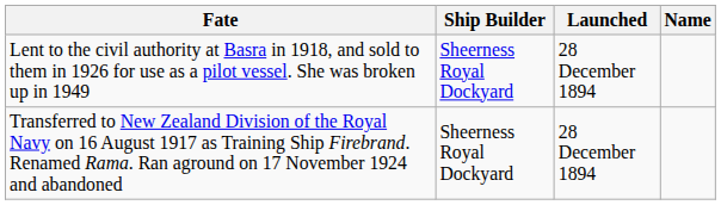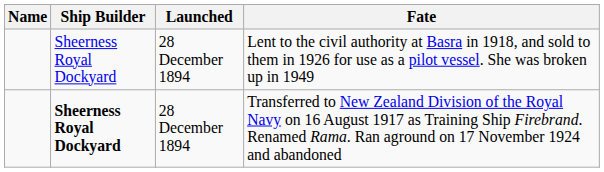 <table class="wikitable" style="text-align:left">
 <tr>
-<th>Fate</th>
+<th>Name</th>
 <th>Ship Builder</th>
 <th>Launched</th>
-<th>Name</th>
+<th>Fate</th>
 </tr>
 <tr>
-<td>Lent to the civil authority at <a href='#'>Basra</a> in 1918, and sold to them in 1926 for use as a <a href='#'>pilot vessel</a>. She was broken up in 1949</td>
+<td></td>
 <td><a href='#'>Sheerness</a>  <a href='#'>Royal Dockyard</a></td>
 <td>28 December 1894</td>
-<td></td>
+<td>Lent to the civil authority at <a href='#'>Basra</a> in 1918, and sold to them in 1926 for use as a <a href='#'>pilot vessel</a>. She was broken up in 1949</td>
 </tr>
 <tr>
+<td></td>
+<td><strong>Sheerness Royal Dockyard</strong></td>
+<td>28 December 1894</td>
 <td>Transferred to <a href='#'>New Zealand Division of the Royal Navy</a> on 16 August 1917 as Training Ship <em>Firebrand</em>.  Renamed <em>Rama</em>.  Ran aground on 17 November 1924 and abandoned</td>
-<td>Sheerness Royal Dockyard</td>
-<td>28 December 1894</td>
-<td></td>
 </tr>
 </table>
